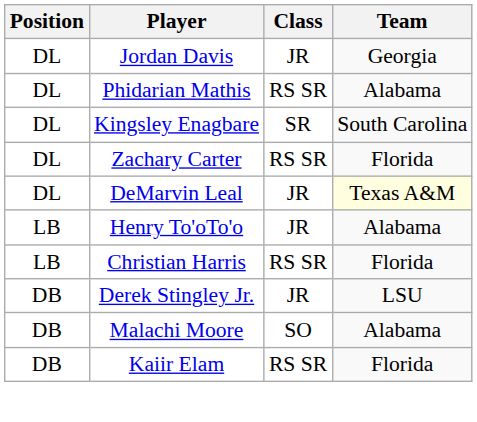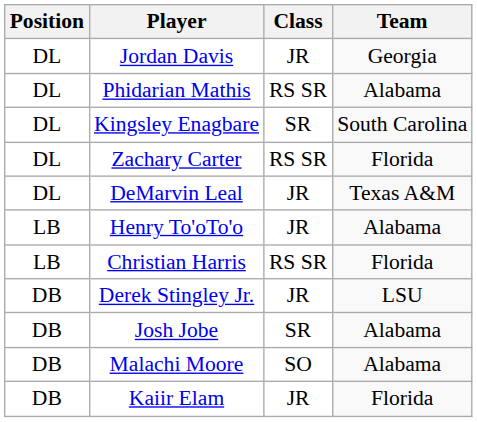 <table class="wikitable sortable">
 <tr>
 <th>Position</th>
 <th>Player</th>
 <th>Class</th>
 <th>Team</th>
 </tr>
 <tr style="text-align:center;">
 <td style="background:white">DL</td>
 <td style="background:white"><a href='#'>Jordan Davis</a></td>
 <td style="background:white">JR</td>
 <td>Georgia</td>
 </tr>
 <tr style="text-align:center;">
 <td style="background:white">DL</td>
 <td style="background:white"><a href='#'>Phidarian Mathis</a></td>
 <td style="background:white">RS SR</td>
 <td>Alabama</td>
 </tr>
 <tr style="text-align:center;">
 <td style="background:white">DL</td>
 <td style="background:white"><a href='#'>Kingsley Enagbare</a></td>
 <td style="background:white">SR</td>
 <td>South Carolina</td>
 </tr>
 <tr style="text-align:center;">
 <td style="background:white">DL</td>
 <td style="background:white"><a href='#'>Zachary Carter</a></td>
 <td style="background:white">RS SR</td>
 <td>Florida</td>
 </tr>
 <tr style="text-align:center;">
 <td style="background:white">DL</td>
 <td style="background:white"><a href='#'>DeMarvin Leal</a></td>
 <td style="background:white">JR</td>
-<td style="background: lightyellow;">Texas A&M</td>
+<td>Texas A&M</td>
 </tr>
 <tr style="text-align:center;">
 <td style="background:white">LB</td>
 <td style="background:white"><a href='#'>Henry To'oTo'o</a></td>
 <td style="background:white">JR</td>
 <td>Alabama</td>
 </tr>
 <tr style="text-align:center;">
 <td style="background:white">LB</td>
 <td style="background:white"><a href='#'>Christian Harris</a></td>
 <td style="background:white">RS SR</td>
 <td>Florida</td>
 </tr>
 <tr style="text-align:center;">
 <td style="background:white">DB</td>
 <td style="background:white"><a href='#'>Derek Stingley Jr.</a></td>
 <td style="background:white">JR</td>
 <td>LSU</td>
 </tr>
 <tr style="text-align:center;">
 <td style="background:white">DB</td>
+<td style="background:white"><a href='#'>Josh Jobe</a></td>
+<td style="background:white">SR</td>
+<td>Alabama</td>
+</tr>
+<tr style="text-align:center;">
+<td style="background:white">DB</td>
 <td style="background:white"><a href='#'>Malachi Moore</a></td>
 <td style="background:white">SO</td>
 <td>Alabama</td>
 </tr>
 <tr style="text-align:center;">
 <td style="background:white">DB</td>
 <td style="background:white"><a href='#'>Kaiir Elam</a></td>
-<td style="background:white">RS SR</td>
+<td style="background:white">JR</td>
 <td>Florida</td>
 </tr>
 </table>
